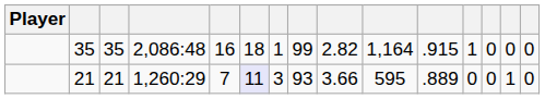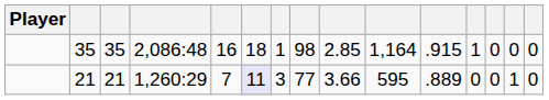 <table class="wikitable sortable" style="text-align:center;">
 <tr>
 <th>Player</th>
 <th></th>
 <th></th>
 <th></th>
 <th></th>
 <th></th>
 <th></th>
 <th></th>
 <th></th>
 <th></th>
 <th></th>
 <th></th>
 <th></th>
 <th></th>
 <th></th>
 </tr>
 <tr>
 <td></td>
 <td>35</td>
 <td>35</td>
 <td>2,086:48</td>
 <td>16</td>
 <td>18</td>
 <td>1</td>
-<td>99</td>
-<td>2.82</td>
+<td>98</td>
+<td>2.85</td>
 <td>1,164</td>
 <td>.915</td>
 <td>1</td>
 <td>0</td>
 <td>0</td>
 <td>0</td>
 </tr>
 <tr>
 <td></td>
 <td>21</td>
 <td>21</td>
 <td>1,260:29</td>
 <td>7</td>
 <td style="background: lavender;">11</td>
 <td>3</td>
-<td>93</td>
+<td>77</td>
 <td>3.66</td>
 <td>595</td>
 <td>.889</td>
 <td>0</td>
 <td>0</td>
 <td>1</td>
 <td>0</td>
 </tr>
 </table>
